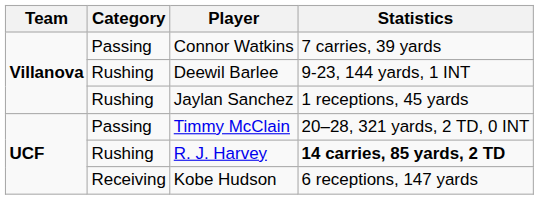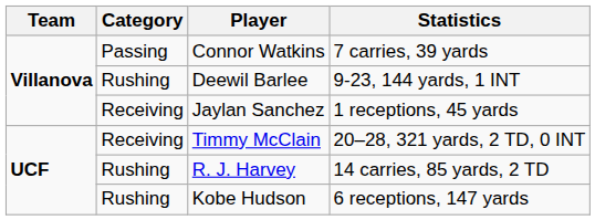 <table class="wikitable" style="float: right;">
 <tr>
 <th>Team</th>
 <th>Category</th>
 <th>Player</th>
 <th>Statistics</th>
 </tr>
 <tr>
 <td rowspan=3><strong>Villanova</strong></td>
 <td>Passing</td>
 <td>Connor Watkins</td>
 <td>7 carries, 39 yards</td>
 </tr>
 <tr>
 <td>Rushing</td>
 <td>Deewil Barlee</td>
 <td>9-23, 144 yards, 1 INT</td>
 </tr>
 <tr>
-<td>Rushing</td>
+<td>Receiving</td>
 <td>Jaylan Sanchez</td>
 <td>1 receptions, 45 yards</td>
 </tr>
 <tr>
 <td rowspan=3><strong>UCF</strong></td>
-<td>Passing</td>
+<td>Receiving</td>
 <td><a href='#'>Timmy McClain</a></td>
 <td>20–28, 321 yards, 2 TD, 0 INT</td>
 </tr>
 <tr>
 <td>Rushing</td>
 <td><a href='#'>R. J. Harvey</a></td>
-<td><strong>14 carries, 85 yards, 2 TD</strong></td>
+<td>14 carries, 85 yards, 2 TD</td>
 </tr>
 <tr>
-<td>Receiving</td>
+<td>Rushing</td>
 <td>Kobe Hudson</td>
 <td>6 receptions, 147 yards</td>
 </tr>
 </table>
